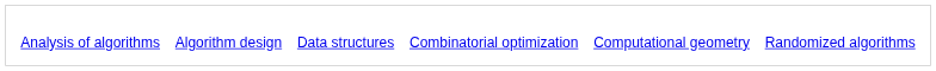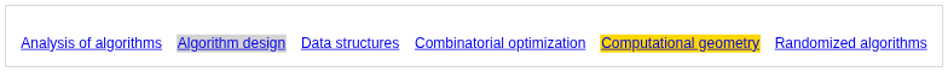 <table style="border:1px solid #ccc; text-align:center; margin:auto;" cellspacing="15">
 <tr>
 <td></td>
 <td></td>
 <td></td>
 <td></td>
 <td></td>
 <td></td>
 </tr>
 <tr>
 <td><a href='#'>Analysis of algorithms</a></td>
-<td><a href='#'>Algorithm design</a></td>
+<td style="background: lightgrey;"><a href='#'>Algorithm design</a></td>
 <td><a href='#'>Data structures</a></td>
 <td><a href='#'>Combinatorial optimization</a></td>
-<td><a href='#'>Computational geometry</a></td>
+<td style="background: gold;"><a href='#'>Computational geometry</a></td>
 <td><a href='#'>Randomized algorithms</a></td>
 </tr>
 </table>
